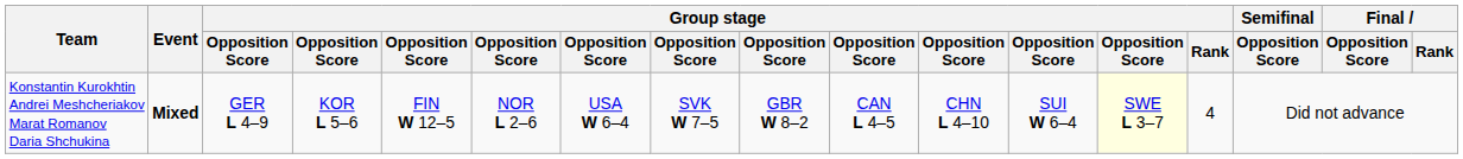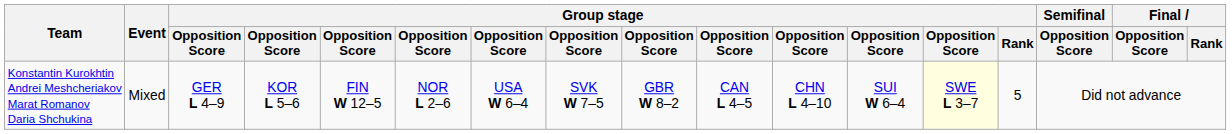 <table class="wikitable" style="font-size:90%">
 <tr>
 <th rowspan=2>Team</th>
 <th rowspan=2>Event</th>
 <th colspan=12>Group stage</th>
 <th>Semifinal</th>
 <th colspan=2>Final / </th>
 </tr>
 <tr style="font-size:95%">
 <th>Opposition<br>Score</th>
 <th>Opposition<br>Score</th>
 <th>Opposition<br>Score</th>
 <th>Opposition<br>Score</th>
 <th>Opposition<br>Score</th>
 <th>Opposition<br>Score</th>
 <th>Opposition<br>Score</th>
 <th>Opposition<br>Score</th>
 <th>Opposition<br>Score</th>
 <th>Opposition<br>Score</th>
 <th>Opposition<br>Score</th>
 <th>Rank</th>
 <th>Opposition<br>Score</th>
 <th>Opposition<br>Score</th>
 <th>Rank</th>
 </tr>
 <tr align=center>
 <td align=left><small><a href='#'>Konstantin Kurokhtin</a><br><a href='#'>Andrei Meshcheriakov</a><br><a href='#'>Marat Romanov</a><br><a href='#'>Daria Shchukina</a><br></small></td>
-<td><strong>Mixed</strong></td>
+<td>Mixed</td>
 <td> <a href='#'>GER</a><br><strong>L</strong> 4–9</td>
 <td> <a href='#'>KOR</a><br><strong>L</strong> 5–6</td>
 <td> <a href='#'>FIN</a><br><strong>W</strong> 12–5</td>
 <td> <a href='#'>NOR</a><br><strong>L</strong> 2–6</td>
 <td> <a href='#'>USA</a><br><strong>W</strong> 6–4</td>
 <td> <a href='#'>SVK</a><br><strong>W</strong> 7–5</td>
 <td> <a href='#'>GBR</a><br><strong>W</strong> 8–2</td>
 <td> <a href='#'>CAN</a><br><strong>L</strong> 4–5</td>
 <td> <a href='#'>CHN</a><br><strong>L</strong> 4–10</td>
 <td> <a href='#'>SUI</a><br><strong>W</strong> 6–4</td>
 <td style="background: lightyellow;"> <a href='#'>SWE</a><br><strong>L</strong> 3–7</td>
-<td>4</td>
+<td>5</td>
 <td colspan=3>Did not advance</td>
 </tr>
 </table>
